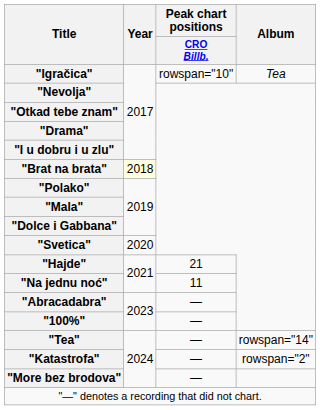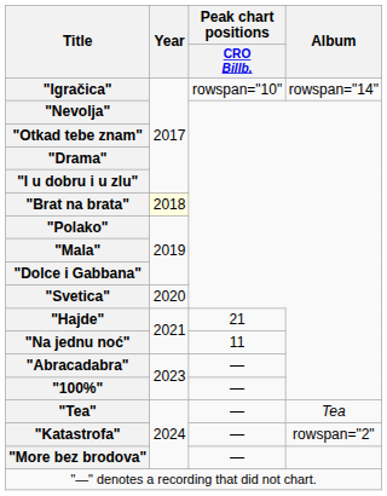 <table class="wikitable plainrowheaders" style="text-align:center;">
 <tr>
 <th rowspan="2" scope="col">Title</th>
 <th rowspan="2" scope="col">Year</th>
 <th scope="col">Peak chart positions</th>
 <th rowspan="2" scope="col">Album</th>
 </tr>
 <tr>
 <th style="width:2.5em; font-size:85%"><a href='#'>CRO<br><em>Billb.</em></a><br></th>
 </tr>
 <tr>
 <th scope="row">"Igračica"</th>
 <td rowspan="5">2017</td>
 <td>rowspan="10" </td>
-<td><em>Tea</em></td>
+<td>rowspan="14" </td>
 </tr>
 <tr>
 <th scope="row">"Nevolja"</th>
 </tr>
 <tr>
 <th scope="row">"Otkad tebe znam"<br></th>
 </tr>
 <tr>
 <th scope="row">"Drama"<br></th>
 </tr>
 <tr>
 <th scope="row">"I u dobru i u zlu"</th>
 </tr>
 <tr>
 <th scope="row">"Brat na brata"<br></th>
 <td style="background: lightyellow;">2018</td>
 </tr>
 <tr>
 <th scope="row">"Polako"</th>
 <td rowspan="3">2019</td>
 </tr>
 <tr>
 <th scope="row">"Mala"<br></th>
 </tr>
 <tr>
 <th scope="row">"Dolce i Gabbana"</th>
 </tr>
 <tr>
 <th scope="row">"Svetica"</th>
 <td>2020</td>
 </tr>
 <tr>
 <th scope="row">"Hajde"</th>
 <td rowspan="2">2021</td>
 <td>21</td>
 </tr>
 <tr>
 <th scope="row">"Na jednu noć"</th>
 <td>11</td>
 </tr>
 <tr>
 <th scope="row">"Abracadabra"<br></th>
 <td rowspan="2">2023</td>
 <td>—</td>
 </tr>
 <tr>
 <th scope="row">"100%"</th>
 <td>—</td>
 </tr>
 <tr>
 <th scope="row">"Tea"</th>
 <td rowspan="3">2024</td>
 <td>—</td>
-<td>rowspan="14" </td>
+<td><em>Tea</em></td>
 </tr>
 <tr>
 <th scope="row">"Katastrofa"<br></th>
 <td>—</td>
 <td>rowspan="2" </td>
 </tr>
 <tr>
 <th scope="row">"More bez brodova"</th>
 <td>—</td>
 </tr>
 <tr>
 <td colspan="4" style="font-size:90%">"—" denotes a recording that did not chart.</td>
 </tr>
 </table>
